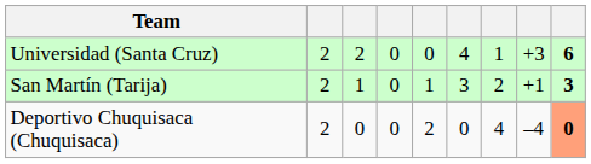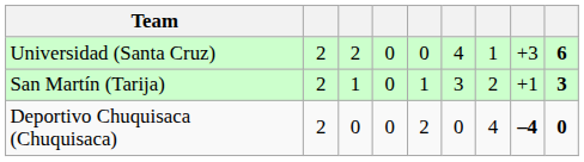 <table class="wikitable" style="text-align: center;">
 <tr>
 <th width=230>Team</th>
 <th width=20></th>
 <th width=20></th>
 <th width=20></th>
 <th width=20></th>
 <th width=20></th>
 <th width=20></th>
 <th width=20></th>
 <th width=20></th>
 </tr>
 <tr bgcolor=ccffcc>
 <td align=left>Universidad (Santa Cruz)</td>
 <td>2</td>
 <td>2</td>
 <td>0</td>
 <td>0</td>
 <td>4</td>
 <td>1</td>
 <td>+3</td>
 <td><strong>6</strong></td>
 </tr>
 <tr bgcolor=ccffcc>
 <td align=left>San Martín (Tarija)</td>
 <td>2</td>
 <td>1</td>
 <td>0</td>
 <td>1</td>
 <td>3</td>
 <td>2</td>
 <td>+1</td>
 <td><strong>3</strong></td>
 </tr>
 <tr>
 <td align=left>Deportivo Chuquisaca (Chuquisaca)</td>
 <td>2</td>
 <td>0</td>
 <td>0</td>
 <td>2</td>
 <td>0</td>
 <td>4</td>
-<td>–4</td>
-<td style="background: lightsalmon;"><strong>0</strong></td>
+<td><strong>–4</strong></td>
+<td><strong>0</strong></td>
 </tr>
 </table>
